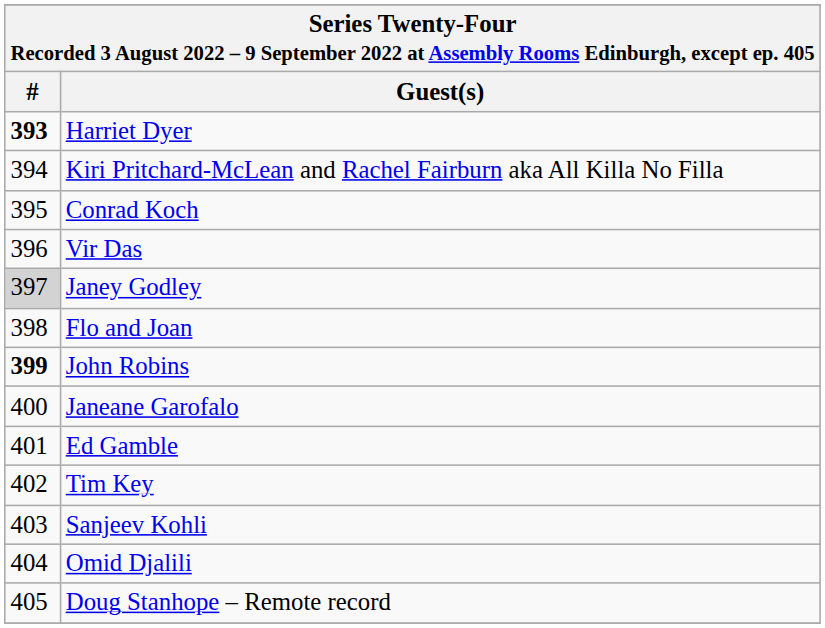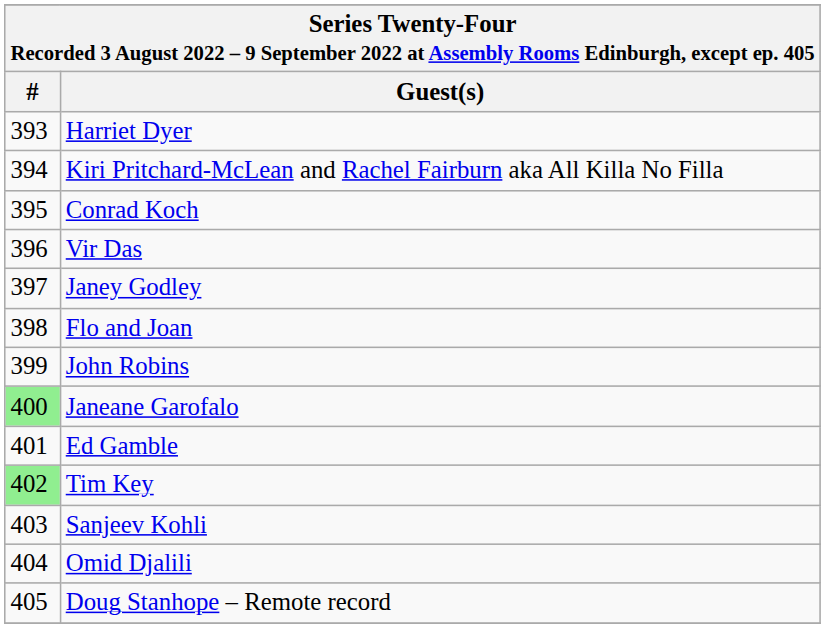 <table class="wikitable">
 <tr>
 </tr>
 <tr>
 <th colspan="3">Series Twenty-Four<br><small>Recorded 3 August 2022 – 9 September 2022 at <a href='#'>Assembly Rooms</a> Edinburgh, except ep. 405 </small></th>
 </tr>
 <tr>
 <th>#</th>
 <th>Guest(s)</th>
 </tr>
 <tr>
-<td><strong>393</strong></td>
+<td>393</td>
 <td><a href='#'>Harriet Dyer</a></td>
 </tr>
 <tr>
 <td>394</td>
 <td><a href='#'>Kiri Pritchard-McLean</a> and <a href='#'>Rachel Fairburn</a> aka All Killa No Filla</td>
 </tr>
 <tr>
 <td>395</td>
 <td><a href='#'>Conrad Koch</a></td>
 </tr>
 <tr>
 <td>396</td>
 <td><a href='#'>Vir Das</a></td>
 </tr>
 <tr>
-<td style="background: lightgrey;">397</td>
+<td>397</td>
 <td><a href='#'>Janey Godley</a></td>
 </tr>
 <tr>
 <td>398</td>
 <td><a href='#'>Flo and Joan</a></td>
 </tr>
 <tr>
-<td><strong>399</strong></td>
+<td>399</td>
 <td><a href='#'>John Robins</a></td>
 </tr>
 <tr>
-<td>400</td>
+<td style="background: lightgreen;">400</td>
 <td><a href='#'>Janeane Garofalo</a></td>
 </tr>
 <tr>
 <td>401</td>
 <td><a href='#'>Ed Gamble</a></td>
 </tr>
 <tr>
-<td>402</td>
+<td style="background: lightgreen;">402</td>
 <td><a href='#'>Tim Key</a></td>
 </tr>
 <tr>
 <td>403</td>
 <td><a href='#'>Sanjeev Kohli</a></td>
 </tr>
 <tr>
 <td>404</td>
 <td><a href='#'>Omid Djalili</a></td>
 </tr>
 <tr>
 <td>405</td>
 <td><a href='#'>Doug Stanhope</a> – Remote record</td>
 </tr>
 <tr>
 </tr>
 </table>
